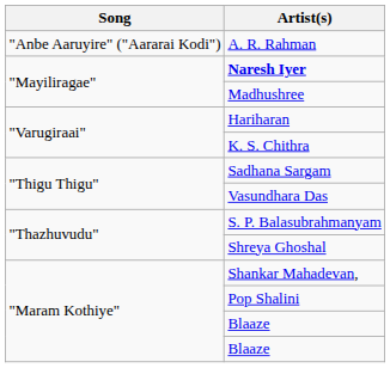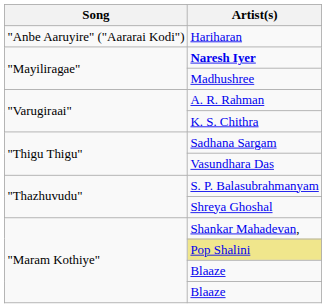 <table class="wikitable tracklist" style="font-size:95%;">
 <tr>
 <th>Song</th>
 <th>Artist(s)</th>
 </tr>
 <tr>
 <td>"Anbe Aaruyire" ("Aararai Kodi")</td>
-<td><a href='#'>A. R. Rahman</a></td>
+<td><a href='#'>Hariharan</a></td>
 </tr>
 <tr>
 <td rowspan="2">"Mayiliragae"</td>
 <td><strong><a href='#'>Naresh Iyer</a></strong></td>
 </tr>
 <tr>
 <td><a href='#'>Madhushree</a></td>
 </tr>
 <tr>
 <td rowspan="2">"Varugiraai"</td>
-<td><a href='#'>Hariharan</a></td>
+<td><a href='#'>A. R. Rahman</a></td>
 </tr>
 <tr>
 <td><a href='#'>K. S. Chithra</a></td>
 </tr>
 <tr>
 <td rowspan="2">"Thigu Thigu"</td>
 <td><a href='#'>Sadhana Sargam</a></td>
 </tr>
 <tr>
 <td><a href='#'>Vasundhara Das</a></td>
 </tr>
 <tr>
 <td rowspan="2">"Thazhuvudu"</td>
 <td><a href='#'>S. P. Balasubrahmanyam</a></td>
 </tr>
 <tr>
 <td><a href='#'>Shreya Ghoshal</a></td>
 </tr>
 <tr>
 <td rowspan="4">"Maram Kothiye"</td>
 <td><a href='#'>Shankar Mahadevan</a>,</td>
 </tr>
 <tr>
-<td><a href='#'>Pop Shalini</a></td>
+<td style="background: khaki;"><a href='#'>Pop Shalini</a></td>
 </tr>
 <tr>
 <td><a href='#'>Blaaze</a></td>
 </tr>
 <tr>
 <td><a href='#'>Blaaze</a></td>
 </tr>
 </table>
